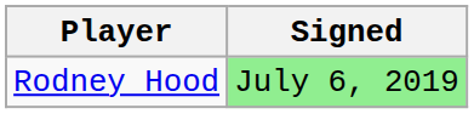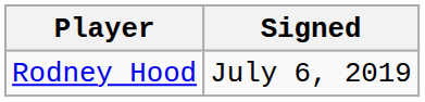 <table class="wikitable sortable sortable" style="text-align: center">
 <tr>
 <th>Player</th>
 <th>Signed</th>
 </tr>
 <tr style="text-align: center">
 <td><a href='#'>Rodney Hood</a></td>
-<td style="background: lightgreen;">July 6, 2019</td>
+<td>July 6, 2019</td>
 </tr>
 </table>
